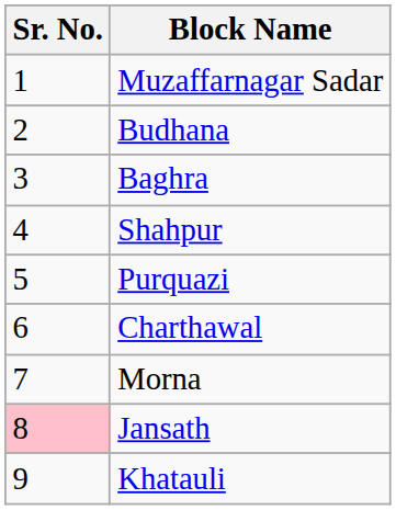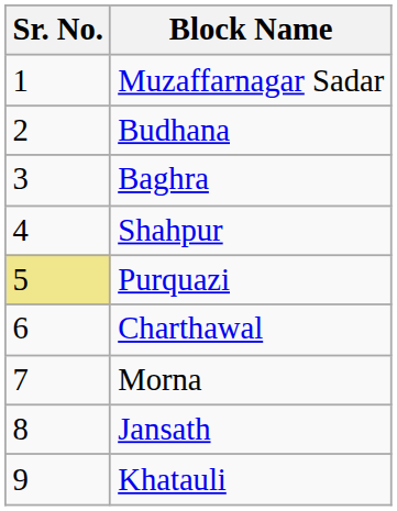 <table class="wikitable">
 <tr>
 <th>Sr. No.</th>
 <th>Block Name</th>
 </tr>
 <tr>
 <td>1</td>
 <td><a href='#'>Muzaffarnagar</a> Sadar</td>
 </tr>
 <tr>
 <td>2</td>
 <td><a href='#'>Budhana</a></td>
 </tr>
 <tr>
 <td>3</td>
 <td><a href='#'>Baghra</a></td>
 </tr>
 <tr>
 <td>4</td>
 <td><a href='#'>Shahpur</a></td>
 </tr>
 <tr>
-<td>5</td>
+<td style="background: khaki;">5</td>
 <td><a href='#'>Purquazi</a></td>
 </tr>
 <tr>
 <td>6</td>
 <td><a href='#'>Charthawal</a></td>
 </tr>
 <tr>
 <td>7</td>
 <td>Morna</td>
 </tr>
 <tr>
-<td style="background: pink;">8</td>
+<td>8</td>
 <td><a href='#'>Jansath</a></td>
 </tr>
 <tr>
 <td>9</td>
 <td><a href='#'>Khatauli</a></td>
 </tr>
 </table>
